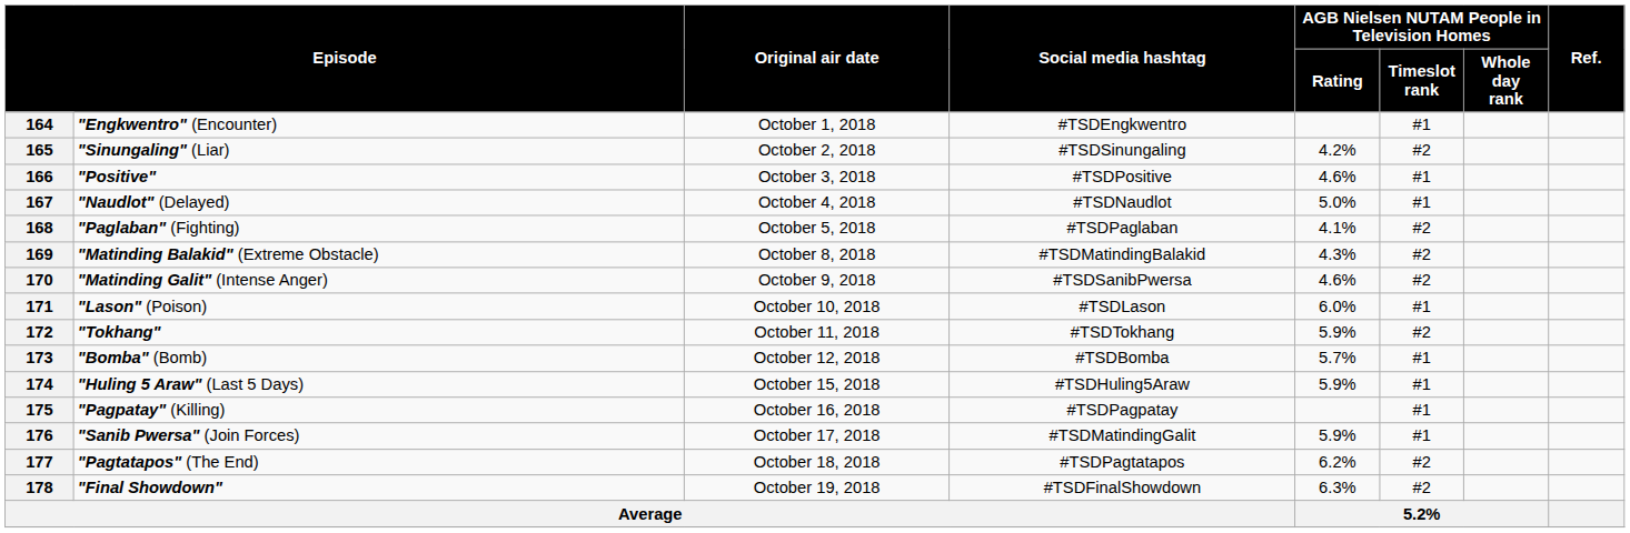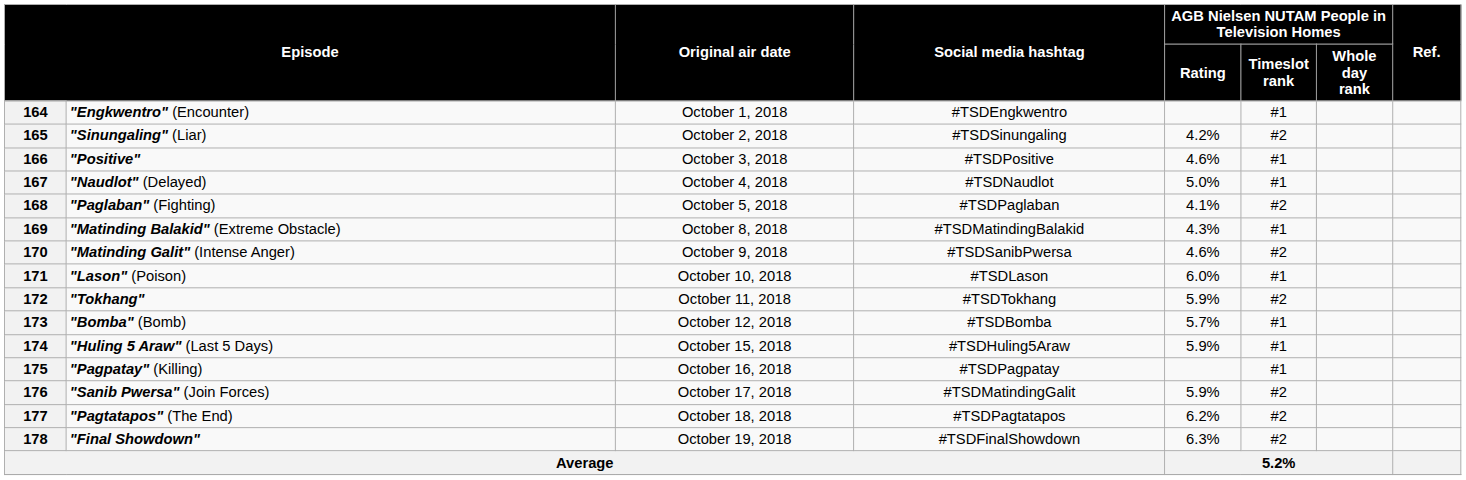 <table class="wikitable" style="text-align:center; font-size:100%; line-height:18px;" width="100%">
 <tr>
 <th style="background-color:#000000; color:#ffffff;" colspan="2" rowspan="2">Episode</th>
 <th style="background-color:#000000; color:white" rowspan="2">Original air date</th>
 <th style="background-color:#000000; color:white" rowspan="2">Social media hashtag</th>
 <th style="background-color:#000000; color:#ffffff;" colspan="3">AGB Nielsen NUTAM People in Television Homes</th>
 <th style="background-color:#000000; color:#ffffff;" rowspan="2">Ref.</th>
 </tr>
 <tr>
 <th style="background-color:#000000; width:75px; color:#ffffff;">Rating</th>
 <th style="background-color:#000000; width:75px; color:#ffffff;">Timeslot<br>rank</th>
 <th style="background-color:#000000; width:75px; color:#ffffff;">Whole day<br>rank</th>
 </tr>
 <tr>
 <th>164</th>
 <td style="text-align: left;"><strong><em>"Engkwentro"</em></strong> (Encounter)</td>
 <td>October 1, 2018</td>
 <td>#TSDEngkwentro</td>
 <td></td>
 <td>#1</td>
 <td></td>
 <td></td>
 </tr>
 <tr>
 <th>165</th>
 <td style="text-align: left;"><strong><em>"Sinungaling"</em></strong> (Liar)</td>
 <td>October 2, 2018</td>
 <td>#TSDSinungaling</td>
 <td>4.2%</td>
 <td>#2</td>
 <td></td>
 <td></td>
 </tr>
 <tr>
 <th>166</th>
 <td style="text-align: left;"><strong><em>"Positive"</em></strong></td>
 <td>October 3, 2018</td>
 <td>#TSDPositive</td>
 <td>4.6%</td>
 <td>#1</td>
 <td></td>
 <td></td>
 </tr>
 <tr>
 <th>167</th>
 <td style="text-align: left;"><strong><em>"Naudlot"</em></strong> (Delayed)</td>
 <td>October 4, 2018</td>
 <td>#TSDNaudlot</td>
 <td>5.0%</td>
 <td>#1</td>
 <td></td>
 <td></td>
 </tr>
 <tr>
 <th>168</th>
 <td style="text-align: left;"><strong><em>"Paglaban"</em></strong> (Fighting)</td>
 <td>October 5, 2018</td>
 <td>#TSDPaglaban</td>
 <td>4.1%</td>
 <td>#2</td>
 <td></td>
 <td></td>
 </tr>
 <tr>
 <th>169</th>
 <td style="text-align: left;"><strong><em>"Matinding Balakid"</em></strong> (Extreme Obstacle)</td>
 <td>October 8, 2018</td>
 <td>#TSDMatindingBalakid</td>
 <td>4.3%</td>
-<td>#2</td>
+<td>#1</td>
 <td></td>
 <td></td>
 </tr>
 <tr>
 <th>170</th>
 <td style="text-align: left;"><strong><em>"Matinding Galit"</em></strong> (Intense Anger)</td>
 <td>October 9, 2018</td>
 <td>#TSDSanibPwersa</td>
 <td>4.6%</td>
 <td>#2</td>
 <td></td>
 <td></td>
 </tr>
 <tr>
 <th>171</th>
 <td style="text-align: left;"><strong><em>"Lason"</em></strong> (Poison)</td>
 <td>October 10, 2018</td>
 <td>#TSDLason</td>
 <td>6.0%</td>
 <td>#1</td>
 <td></td>
 <td></td>
 </tr>
 <tr>
 <th>172</th>
 <td style="text-align: left;"><strong><em>"Tokhang"</em></strong></td>
 <td>October 11, 2018</td>
 <td>#TSDTokhang</td>
 <td>5.9%</td>
 <td>#2</td>
 <td></td>
 <td></td>
 </tr>
 <tr>
 <th>173</th>
 <td style="text-align: left;"><strong><em>"Bomba"</em></strong> (Bomb)</td>
 <td>October 12, 2018</td>
 <td>#TSDBomba</td>
 <td>5.7%</td>
 <td>#1</td>
 <td></td>
 <td></td>
 </tr>
 <tr>
 <th>174</th>
 <td style="text-align: left;"><strong><em>"Huling 5 Araw"</em></strong> (Last 5 Days)</td>
 <td>October 15, 2018</td>
 <td>#TSDHuling5Araw</td>
 <td>5.9%</td>
 <td>#1</td>
 <td></td>
 <td></td>
 </tr>
 <tr>
 <th>175</th>
 <td style="text-align: left;"><strong><em>"Pagpatay"</em></strong> (Killing)</td>
 <td>October 16, 2018</td>
 <td>#TSDPagpatay</td>
 <td></td>
 <td>#1</td>
 <td></td>
 <td></td>
 </tr>
 <tr>
 <th>176</th>
 <td style="text-align: left;"><strong><em>"Sanib Pwersa"</em></strong> (Join Forces)</td>
 <td>October 17, 2018</td>
 <td>#TSDMatindingGalit</td>
 <td>5.9%</td>
-<td>#1</td>
+<td>#2</td>
 <td></td>
 <td></td>
 </tr>
 <tr>
 <th>177</th>
 <td style="text-align: left;"><strong><em>"Pagtatapos"</em></strong> (The End)</td>
 <td>October 18, 2018</td>
 <td>#TSDPagtatapos</td>
 <td>6.2%</td>
 <td>#2</td>
 <td></td>
 <td></td>
 </tr>
 <tr>
 <th>178</th>
 <td style="text-align: left;"><strong><em>"Final Showdown"</em></strong></td>
 <td>October 19, 2018</td>
 <td>#TSDFinalShowdown</td>
 <td>6.3%</td>
 <td>#2</td>
 <td></td>
 <td></td>
 </tr>
 <tr>
 <th colspan="4">Average</th>
 <th colspan="3">5.2%</th>
 <th></th>
 </tr>
 <tr>
 </tr>
 </table>
